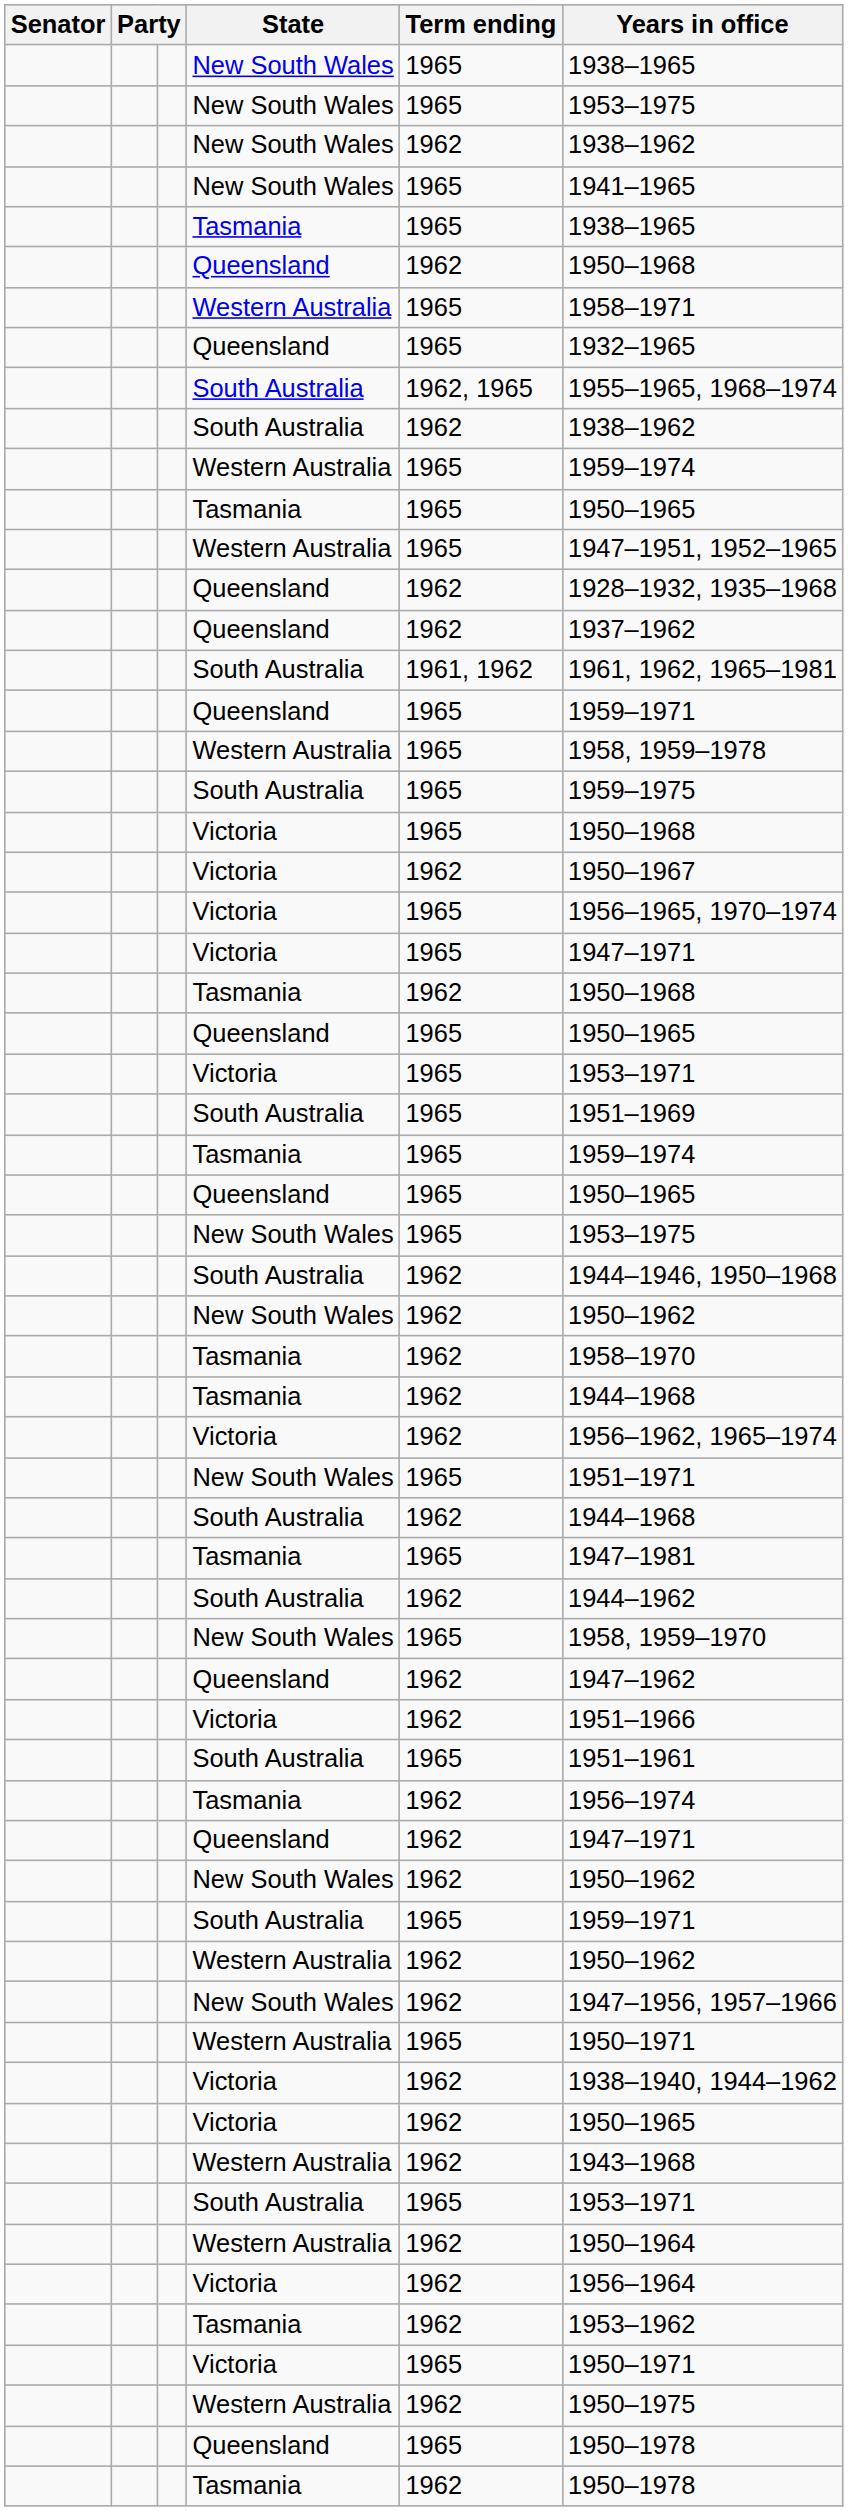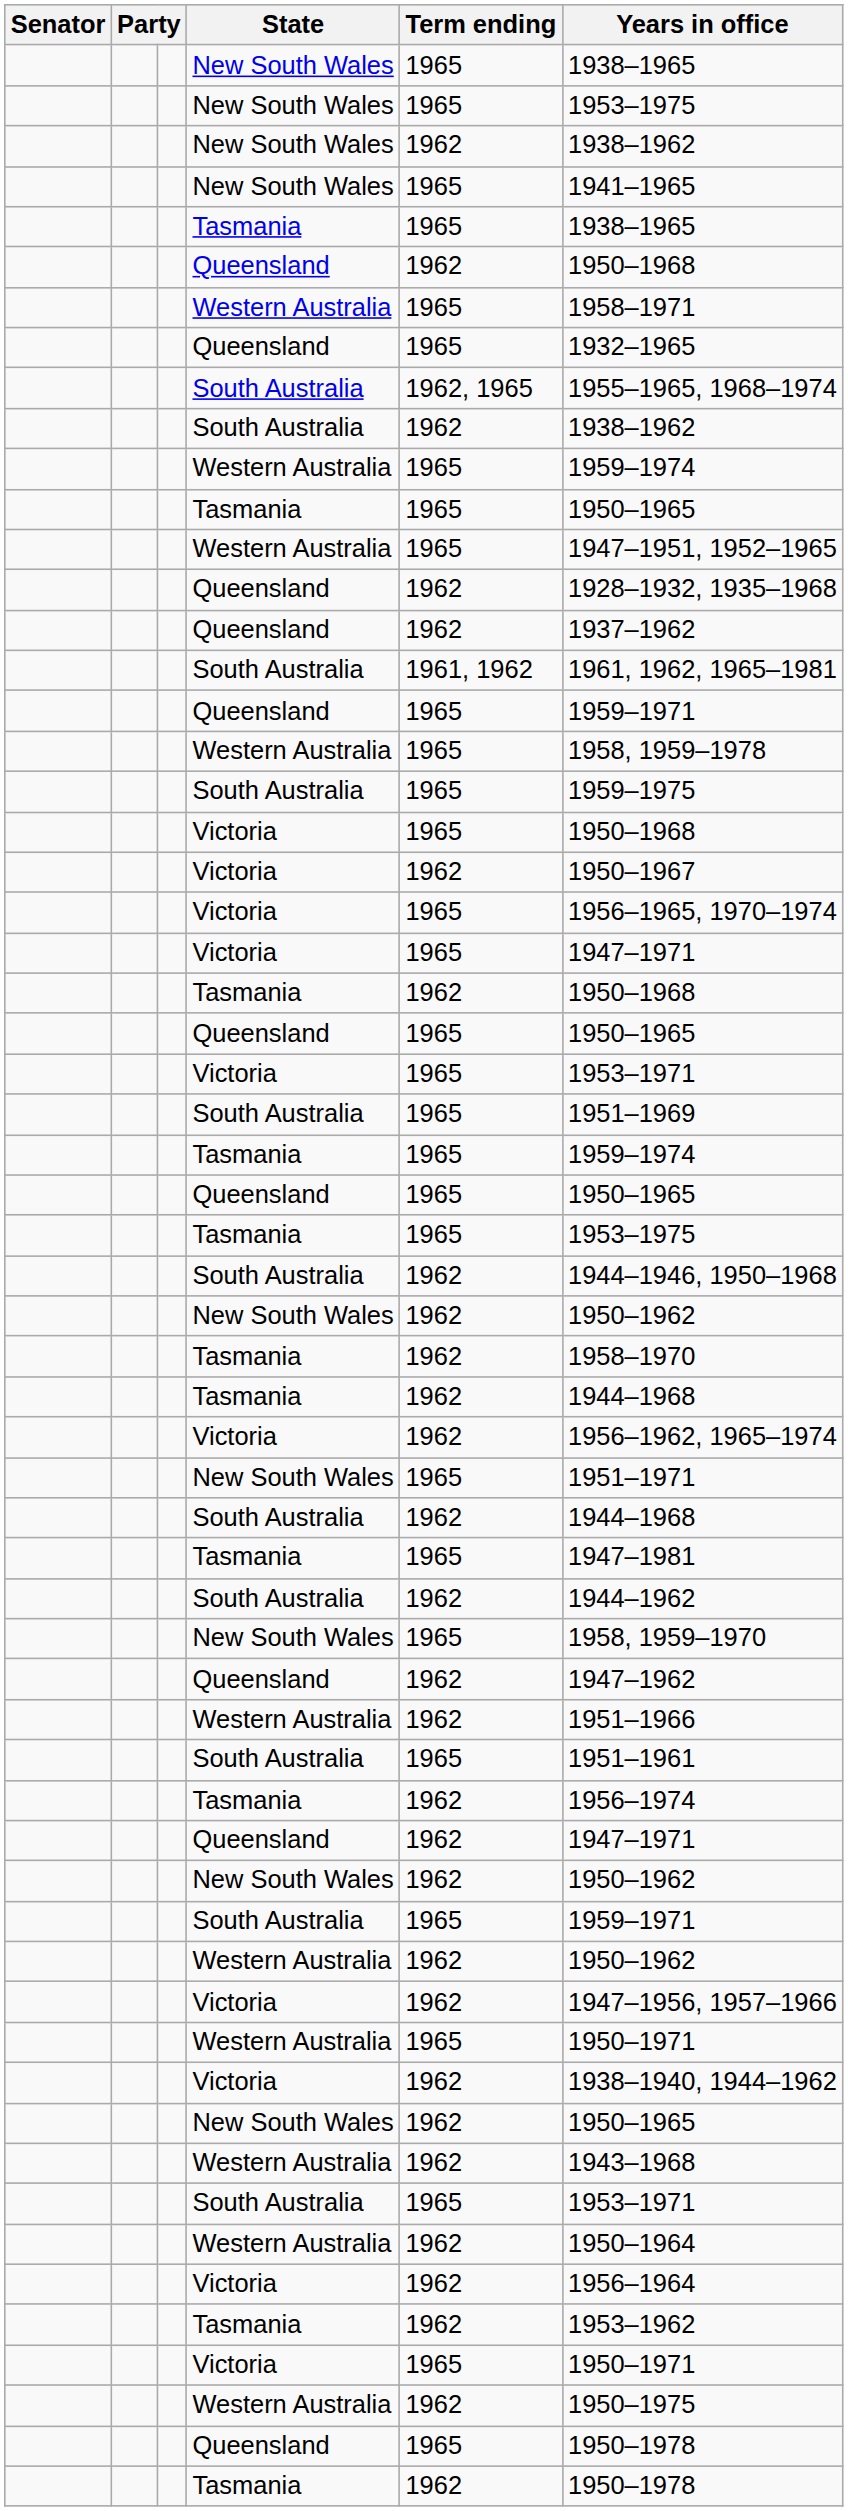 <table class="wikitable sortable">
 <tr>
 <th>Senator</th>
 <th colspan=2>Party</th>
 <th>State</th>
 <th>Term ending</th>
 <th>Years in office</th>
 </tr>
 <tr>
 <td></td>
 <td> </td>
 <td></td>
 <td><a href='#'>New South Wales</a></td>
 <td>1965</td>
 <td>1938–1965</td>
 </tr>
 <tr>
 <td></td>
 <td> </td>
 <td></td>
 <td>New South Wales</td>
 <td>1965</td>
 <td>1953–1975</td>
 </tr>
 <tr>
 <td></td>
 <td> </td>
 <td></td>
 <td>New South Wales</td>
 <td>1962</td>
 <td>1938–1962</td>
 </tr>
 <tr>
 <td></td>
 <td> </td>
 <td></td>
 <td>New South Wales</td>
 <td>1965</td>
 <td>1941–1965</td>
 </tr>
 <tr>
 <td></td>
 <td> </td>
 <td></td>
 <td><a href='#'>Tasmania</a></td>
 <td>1965</td>
 <td>1938–1965</td>
 </tr>
 <tr>
 <td></td>
 <td> </td>
 <td></td>
 <td><a href='#'>Queensland</a></td>
 <td>1962</td>
 <td>1950–1968</td>
 </tr>
 <tr>
 <td></td>
 <td> </td>
 <td></td>
 <td><a href='#'>Western Australia</a></td>
 <td>1965</td>
 <td>1958–1971</td>
 </tr>
 <tr>
 <td> </td>
 <td> </td>
 <td></td>
 <td>Queensland</td>
 <td>1965</td>
 <td>1932–1965</td>
 </tr>
 <tr>
 <td> </td>
 <td> </td>
 <td></td>
 <td><a href='#'>South Australia</a></td>
 <td>1962, 1965</td>
 <td>1955–1965, 1968–1974</td>
 </tr>
 <tr>
 <td></td>
 <td> </td>
 <td></td>
 <td>South Australia</td>
 <td>1962</td>
 <td>1938–1962</td>
 </tr>
 <tr>
 <td></td>
 <td> </td>
 <td></td>
 <td>Western Australia</td>
 <td>1965</td>
 <td>1959–1974</td>
 </tr>
 <tr>
 <td></td>
 <td> </td>
 <td></td>
 <td>Tasmania</td>
 <td>1965</td>
 <td>1950–1965</td>
 </tr>
 <tr>
 <td></td>
 <td> </td>
 <td></td>
 <td>Western Australia</td>
 <td>1965</td>
 <td>1947–1951, 1952–1965</td>
 </tr>
 <tr>
 <td></td>
 <td> </td>
 <td></td>
 <td>Queensland</td>
 <td>1962</td>
 <td>1928–1932, 1935–1968</td>
 </tr>
 <tr>
 <td></td>
 <td> </td>
 <td></td>
 <td>Queensland</td>
 <td>1962</td>
 <td>1937–1962</td>
 </tr>
 <tr>
 <td> </td>
 <td> </td>
 <td></td>
 <td>South Australia</td>
 <td>1961, 1962 </td>
 <td>1961, 1962, 1965–1981</td>
 </tr>
 <tr>
 <td></td>
 <td> </td>
 <td></td>
 <td>Queensland</td>
 <td>1965</td>
 <td>1959–1971</td>
 </tr>
 <tr>
 <td></td>
 <td> </td>
 <td></td>
 <td>Western Australia</td>
 <td>1965</td>
 <td>1958, 1959–1978</td>
 </tr>
 <tr>
 <td></td>
 <td> </td>
 <td></td>
 <td>South Australia</td>
 <td>1965</td>
 <td>1959–1975</td>
 </tr>
 <tr>
 <td></td>
 <td> </td>
 <td></td>
 <td>Victoria</td>
 <td>1965</td>
 <td>1950–1968</td>
 </tr>
 <tr>
 <td></td>
 <td> </td>
 <td></td>
 <td>Victoria</td>
 <td>1962</td>
 <td>1950–1967</td>
 </tr>
 <tr>
 <td></td>
 <td> </td>
 <td></td>
 <td>Victoria</td>
 <td>1965</td>
 <td>1956–1965, 1970–1974</td>
 </tr>
 <tr>
 <td></td>
 <td> </td>
 <td></td>
 <td>Victoria</td>
 <td>1965</td>
 <td>1947–1971</td>
 </tr>
 <tr>
 <td></td>
 <td> </td>
 <td></td>
 <td>Tasmania</td>
 <td>1962</td>
 <td>1950–1968</td>
 </tr>
 <tr>
 <td></td>
 <td> </td>
 <td></td>
 <td>Queensland</td>
 <td>1965</td>
 <td>1950–1965</td>
 </tr>
 <tr>
 <td></td>
 <td> </td>
 <td></td>
 <td>Victoria</td>
 <td>1965</td>
 <td>1953–1971</td>
 </tr>
 <tr>
 <td></td>
 <td> </td>
 <td></td>
 <td>South Australia</td>
 <td>1965</td>
 <td>1951–1969</td>
 </tr>
 <tr>
 <td></td>
 <td> </td>
 <td></td>
 <td>Tasmania</td>
 <td>1965</td>
 <td>1959–1974</td>
 </tr>
 <tr>
 <td></td>
 <td> </td>
 <td></td>
 <td>Queensland</td>
 <td>1965</td>
 <td>1950–1965</td>
 </tr>
 <tr>
 <td></td>
 <td> </td>
 <td></td>
-<td>New South Wales</td>
+<td>Tasmania</td>
 <td>1965</td>
 <td>1953–1975</td>
 </tr>
 <tr>
 <td></td>
 <td> </td>
 <td></td>
 <td>South Australia</td>
 <td>1962</td>
 <td>1944–1946, 1950–1968</td>
 </tr>
 <tr>
 <td></td>
 <td> </td>
 <td></td>
 <td>New South Wales</td>
 <td>1962</td>
 <td>1950–1962</td>
 </tr>
 <tr>
 <td></td>
 <td> </td>
 <td></td>
 <td>Tasmania</td>
 <td>1962</td>
 <td>1958–1970</td>
 </tr>
 <tr>
 <td></td>
 <td> </td>
 <td></td>
 <td>Tasmania</td>
 <td>1962</td>
 <td>1944–1968</td>
 </tr>
 <tr>
 <td></td>
 <td> </td>
 <td></td>
 <td>Victoria</td>
 <td>1962</td>
 <td>1956–1962, 1965–1974</td>
 </tr>
 <tr>
 <td></td>
 <td> </td>
 <td></td>
 <td>New South Wales</td>
 <td>1965</td>
 <td>1951–1971</td>
 </tr>
 <tr>
 <td></td>
 <td> </td>
 <td></td>
 <td>South Australia</td>
 <td>1962</td>
 <td>1944–1968</td>
 </tr>
 <tr>
 <td></td>
 <td> </td>
 <td></td>
 <td>Tasmania</td>
 <td>1965</td>
 <td>1947–1981</td>
 </tr>
 <tr>
 <td></td>
 <td> </td>
 <td></td>
 <td>South Australia</td>
 <td>1962</td>
 <td>1944–1962</td>
 </tr>
 <tr>
 <td></td>
 <td> </td>
 <td></td>
 <td>New South Wales</td>
 <td>1965</td>
 <td>1958, 1959–1970</td>
 </tr>
 <tr>
 <td></td>
 <td> </td>
 <td></td>
 <td>Queensland</td>
 <td>1962</td>
 <td>1947–1962</td>
 </tr>
 <tr>
 <td></td>
 <td> </td>
 <td></td>
-<td>Victoria</td>
+<td>Western Australia</td>
 <td>1962</td>
 <td>1951–1966</td>
 </tr>
 <tr>
 <td> </td>
 <td> </td>
 <td></td>
 <td>South Australia</td>
 <td>1965</td>
 <td>1951–1961</td>
 </tr>
 <tr>
 <td></td>
 <td> </td>
 <td></td>
 <td>Tasmania</td>
 <td>1962</td>
 <td>1956–1974</td>
 </tr>
 <tr>
 <td></td>
 <td> </td>
 <td></td>
 <td>Queensland</td>
 <td>1962</td>
 <td>1947–1971</td>
 </tr>
 <tr>
 <td></td>
 <td> </td>
 <td></td>
 <td>New South Wales</td>
 <td>1962</td>
 <td>1950–1962</td>
 </tr>
 <tr>
 <td></td>
 <td> </td>
 <td></td>
 <td>South Australia</td>
 <td>1965</td>
 <td>1959–1971</td>
 </tr>
 <tr>
 <td></td>
 <td> </td>
 <td></td>
 <td>Western Australia</td>
 <td>1962</td>
 <td>1950–1962</td>
 </tr>
 <tr>
 <td></td>
 <td> </td>
 <td></td>
-<td>New South Wales</td>
+<td>Victoria</td>
 <td>1962</td>
 <td>1947–1956, 1957–1966</td>
 </tr>
 <tr>
 <td></td>
 <td> </td>
 <td></td>
 <td>Western Australia</td>
 <td>1965</td>
 <td>1950–1971</td>
 </tr>
 <tr>
 <td></td>
 <td> </td>
 <td></td>
 <td>Victoria</td>
 <td>1962</td>
 <td>1938–1940, 1944–1962</td>
 </tr>
 <tr>
 <td></td>
 <td> </td>
 <td></td>
-<td>Victoria</td>
+<td>New South Wales</td>
 <td>1962</td>
 <td>1950–1965</td>
 </tr>
 <tr>
 <td></td>
 <td> </td>
 <td></td>
 <td>Western Australia</td>
 <td>1962</td>
 <td>1943–1968</td>
 </tr>
 <tr>
 <td></td>
 <td> </td>
 <td></td>
 <td>South Australia</td>
 <td>1965</td>
 <td>1953–1971</td>
 </tr>
 <tr>
 <td></td>
 <td> </td>
 <td></td>
 <td>Western Australia</td>
 <td>1962</td>
 <td>1950–1964</td>
 </tr>
 <tr>
 <td></td>
 <td> </td>
 <td></td>
 <td>Victoria</td>
 <td>1962</td>
 <td>1956–1964</td>
 </tr>
 <tr>
 <td></td>
 <td> </td>
 <td></td>
 <td>Tasmania</td>
 <td>1962</td>
 <td>1953–1962</td>
 </tr>
 <tr>
 <td></td>
 <td> </td>
 <td></td>
 <td>Victoria</td>
 <td>1965</td>
 <td>1950–1971</td>
 </tr>
 <tr>
 <td></td>
 <td> </td>
 <td></td>
 <td>Western Australia</td>
 <td>1962</td>
 <td>1950–1975</td>
 </tr>
 <tr>
 <td></td>
 <td> </td>
 <td></td>
 <td>Queensland</td>
 <td>1965</td>
 <td>1950–1978</td>
 </tr>
 <tr>
 <td></td>
 <td> </td>
 <td></td>
 <td>Tasmania</td>
 <td>1962</td>
 <td>1950–1978</td>
 </tr>
 </table>
